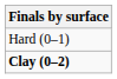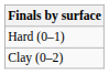 <table class=wikitable style=font-size:90%>
 <tr>
 <th>Finals by surface</th>
 </tr>
 <tr>
 <td>Hard (0–1)</td>
 </tr>
 <tr>
-<td><strong>Clay (0–2)</strong></td>
+<td>Clay (0–2)</td>
 </tr>
 </table>
